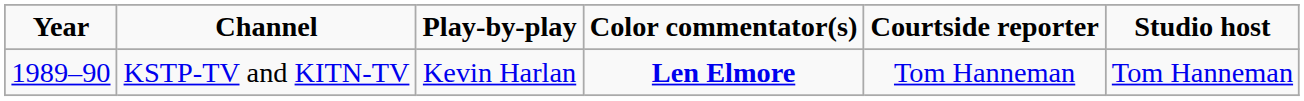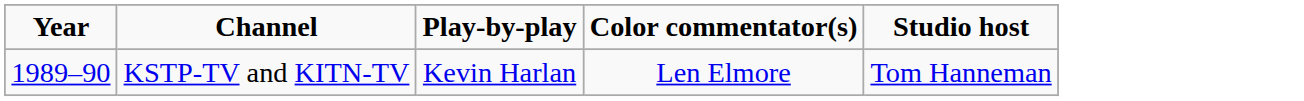 <table class="wikitable" style="text-align:center">
 <tr>
 <td><strong>Year</strong></td>
 <td><strong>Channel</strong></td>
 <td><strong>Play-by-play</strong></td>
 <td><strong>Color commentator(s)</strong></td>
-<td><strong>Courtside reporter</strong></td>
 <td><strong>Studio host</strong></td>
 </tr>
 <tr>
 <td><a href='#'>1989–90</a></td>
 <td><a href='#'>KSTP-TV</a> and <a href='#'>KITN-TV</a></td>
 <td><a href='#'>Kevin Harlan</a></td>
-<td><strong><a href='#'>Len Elmore</a></strong></td>
-<td><a href='#'>Tom Hanneman</a></td>
+<td><a href='#'>Len Elmore</a></td>
 <td><a href='#'>Tom Hanneman</a></td>
 </tr>
 </table>
